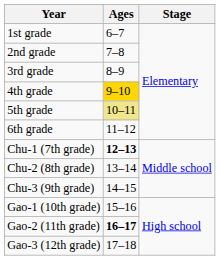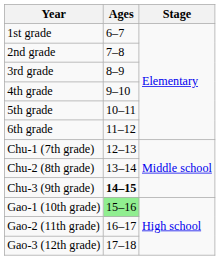 <table class="wikitable">
 <tr>
 <th>Year</th>
 <th>Ages</th>
 <th>Stage</th>
 </tr>
 <tr>
 <td>1st grade</td>
 <td>6–7</td>
 <td rowspan=6><a href='#'>Elementary</a></td>
 </tr>
 <tr>
 <td>2nd grade</td>
 <td>7–8</td>
 </tr>
 <tr>
 <td>3rd grade</td>
 <td>8–9</td>
 </tr>
 <tr>
 <td>4th grade</td>
-<td style="background: gold;">9–10</td>
+<td>9–10</td>
 </tr>
 <tr>
 <td>5th grade</td>
-<td style="background: khaki;">10–11</td>
+<td>10–11</td>
 </tr>
 <tr>
 <td>6th grade</td>
 <td>11–12</td>
 </tr>
 <tr>
 <td>Chu-1 (7th grade)</td>
-<td><strong>12–13</strong></td>
+<td>12–13</td>
 <td rowspan="3"><a href='#'>Middle school</a></td>
 </tr>
 <tr 11-12>
 <td>Chu-2 (8th grade)</td>
 <td>13–14</td>
 </tr>
 <tr>
 <td>Chu-3 (9th grade)</td>
-<td>14–15</td>
+<td><strong>14–15</strong></td>
 </tr>
 <tr>
 <td>Gao-1 (10th grade)</td>
-<td>15–16</td>
+<td style="background: lightgreen;">15–16</td>
 <td rowspan=3><a href='#'>High school</a></td>
 </tr>
 <tr>
 <td>Gao-2 (11th grade)</td>
-<td><strong>16–17</strong></td>
+<td>16–17</td>
 </tr>
 <tr>
 <td>Gao-3 (12th grade)</td>
 <td>17–18</td>
 </tr>
 </table>
